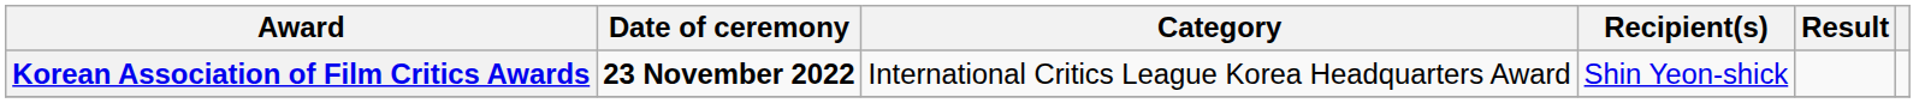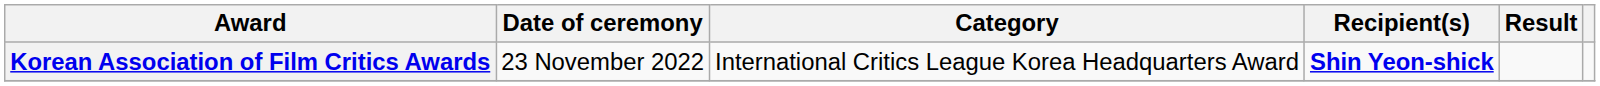 <table class="wikitable sortable plainrowheaders">
 <tr>
 <th scope="col">Award</th>
 <th scope="col">Date of ceremony</th>
 <th scope="col">Category</th>
 <th scope="col">Recipient(s)</th>
 <th scope="col">Result</th>
 <th scope="col" class="unsortable"></th>
 </tr>
 <tr>
 <th scope="row"><a href='#'>Korean Association of Film Critics Awards</a></th>
-<td><strong>23 November 2022</strong></td>
+<td>23 November 2022</td>
 <td>International Critics League Korea Headquarters Award</td>
-<td><a href='#'>Shin Yeon-shick</a></td>
+<td><strong><a href='#'>Shin Yeon-shick</a></strong></td>
 <td></td>
 <td style="text-align: center"></td>
 </tr>
 <tr>
 </tr>
 </table>
